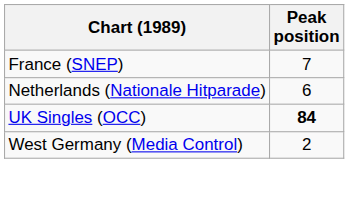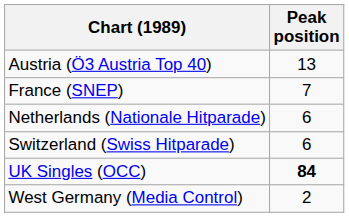 <table class ="wikitable sortable">
 <tr>
 <th align="left">Chart (1989)</th>
 <th style="text-align:center;">Peak<br>position</th>
+</tr>
+<tr>
+<td align="left">Austria (<a href='#'>Ö3 Austria Top 40</a>)</td>
+<td style="text-align:center;">13</td>
 </tr>
 <tr>
 <td align="left">France (<a href='#'>SNEP</a>)</td>
 <td style="text-align:center;">7</td>
 </tr>
 <tr>
 <td align="left">Netherlands (<a href='#'>Nationale Hitparade</a>)</td>
+<td style="text-align:center;">6</td>
+</tr>
+<tr>
+<td align="left">Switzerland (<a href='#'>Swiss Hitparade</a>)</td>
 <td style="text-align:center;">6</td>
 </tr>
 <tr>
 <td align="left"><a href='#'>UK Singles</a> (<a href='#'>OCC</a>)</td>
 <td style="text-align:center;"><strong>84</strong></td>
 </tr>
 <tr>
 <td align="left">West Germany (<a href='#'>Media Control</a>)</td>
 <td style="text-align:center;">2</td>
 </tr>
 </table>
